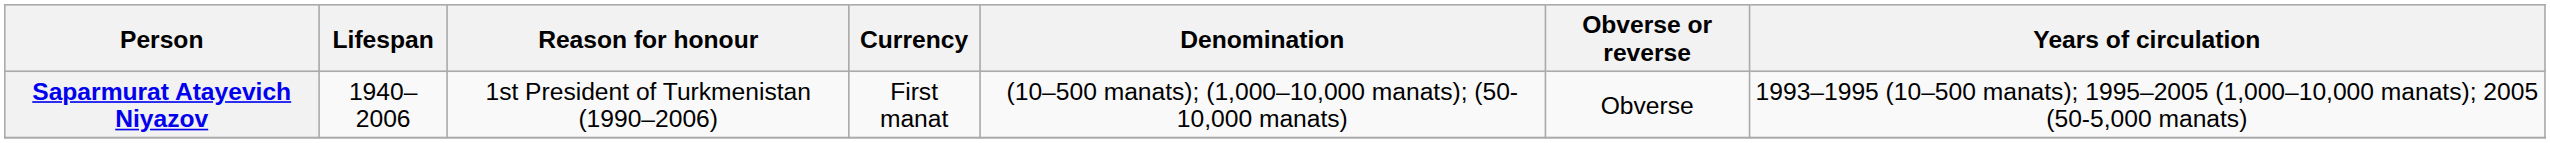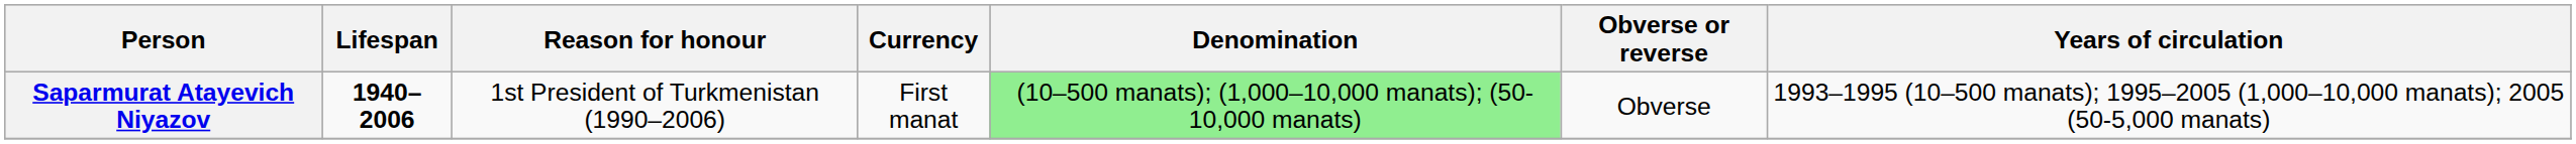 <table class="wikitable" style="font-size:95%; text-align:center;">
 <tr>
 <th>Person</th>
 <th>Lifespan</th>
 <th>Reason for honour</th>
 <th>Currency</th>
 <th>Denomination</th>
 <th>Obverse or reverse</th>
 <th>Years of circulation</th>
 </tr>
 <tr>
 <th><a href='#'>Saparmurat Atayevich Niyazov</a></th>
-<td>1940–2006</td>
+<td><strong>1940–2006</strong></td>
 <td>1st President of Turkmenistan (1990–2006)</td>
 <td>First manat</td>
-<td>(10–500 manats); (1,000–10,000 manats); (50-10,000 manats)</td>
+<td style="background: lightgreen;">(10–500 manats); (1,000–10,000 manats); (50-10,000 manats)</td>
 <td>Obverse</td>
 <td>1993–1995 (10–500 manats); 1995–2005 (1,000–10,000 manats); 2005 (50-5,000 manats)</td>
 </tr>
 <tr>
 </tr>
 </table>
